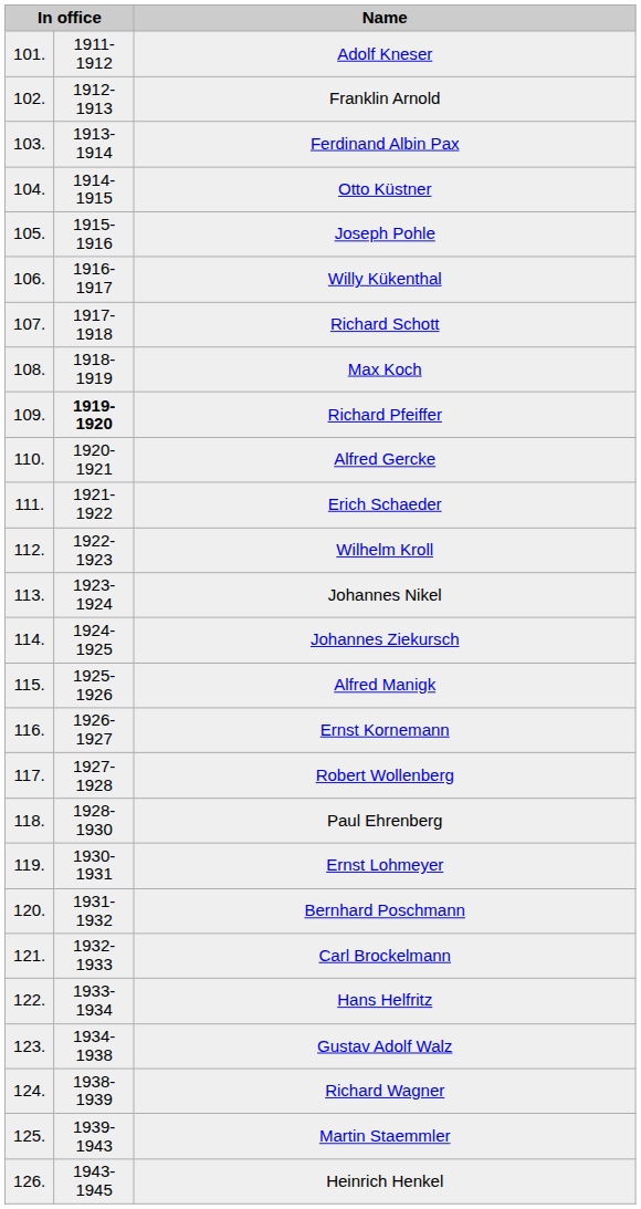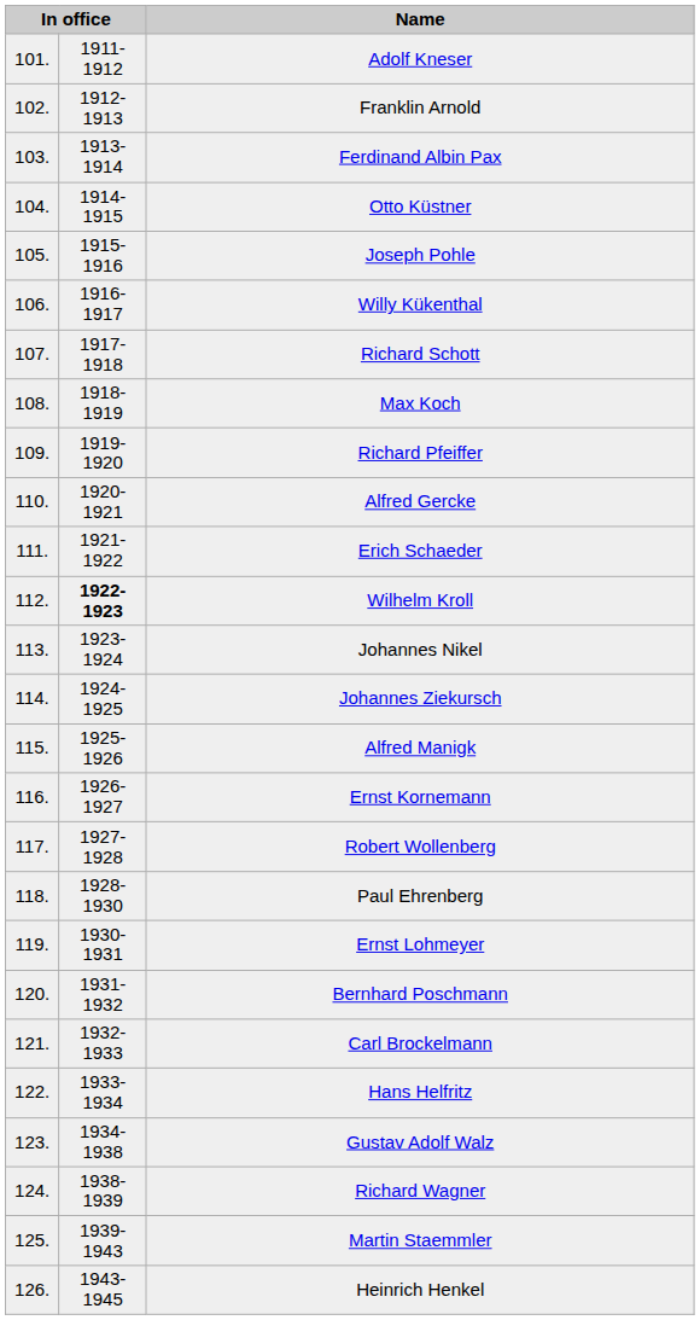 <table class="wikitable" width="">
 <tr align="center" bgcolor="#CCCCCC">
 <td colspan="2" width="14%"><strong>In office</strong></td>
 <td width="60%"><strong>Name</strong></td>
 </tr>
 <tr bgcolor="#EFEFEF">
 <td align=center>101.</td>
 <td align=center>1911-1912</td>
 <td align=center><a href='#'>Adolf Kneser</a></td>
 </tr>
 <tr bgcolor="#EFEFEF">
 <td align=center>102.</td>
 <td align=center>1912-1913</td>
 <td align=center>Franklin Arnold</td>
 </tr>
 <tr bgcolor="#EFEFEF">
 <td align=center>103.</td>
 <td align=center>1913-1914</td>
 <td align=center><a href='#'>Ferdinand Albin Pax</a></td>
 </tr>
 <tr bgcolor="#EFEFEF">
 <td align=center>104.</td>
 <td align=center>1914-1915</td>
 <td align=center><a href='#'>Otto Küstner</a></td>
 </tr>
 <tr bgcolor="#EFEFEF">
 <td align=center>105.</td>
 <td align=center>1915-1916</td>
 <td align=center><a href='#'>Joseph Pohle</a></td>
 </tr>
 <tr bgcolor="#EFEFEF">
 <td align=center>106.</td>
 <td align=center>1916-1917</td>
 <td align=center><a href='#'>Willy Kükenthal</a></td>
 </tr>
 <tr bgcolor="#EFEFEF">
 <td align=center>107.</td>
 <td align=center>1917-1918</td>
 <td align=center><a href='#'>Richard Schott</a></td>
 </tr>
 <tr bgcolor="#EFEFEF">
 <td align=center>108.</td>
 <td align=center>1918-1919</td>
 <td align=center><a href='#'>Max Koch</a></td>
 </tr>
 <tr bgcolor="#EFEFEF">
 <td align=center>109.</td>
-<td align=center><strong>1919-1920</strong></td>
+<td align=center>1919-1920</td>
 <td align=center><a href='#'>Richard Pfeiffer</a></td>
 </tr>
 <tr bgcolor="#EFEFEF">
 <td align=center>110.</td>
 <td align=center>1920-1921</td>
 <td align=center><a href='#'>Alfred Gercke</a></td>
 </tr>
 <tr bgcolor="#EFEFEF">
 <td align=center>111.</td>
 <td align=center>1921-1922</td>
 <td align=center><a href='#'>Erich Schaeder</a></td>
 </tr>
 <tr bgcolor="#EFEFEF">
 <td align=center>112.</td>
-<td align=center>1922-1923</td>
+<td align=center><strong>1922-1923</strong></td>
 <td align=center><a href='#'>Wilhelm Kroll</a></td>
 </tr>
 <tr bgcolor="#EFEFEF">
 <td align=center>113.</td>
 <td align=center>1923-1924</td>
 <td align=center>Johannes Nikel</td>
 </tr>
 <tr bgcolor="#EFEFEF">
 <td align=center>114.</td>
 <td align=center>1924-1925</td>
 <td align=center><a href='#'>Johannes Ziekursch</a></td>
 </tr>
 <tr bgcolor="#EFEFEF">
 <td align=center>115.</td>
 <td align=center>1925-1926</td>
 <td align=center><a href='#'>Alfred Manigk</a></td>
 </tr>
 <tr bgcolor="#EFEFEF">
 <td align=center>116.</td>
 <td align=center>1926-1927</td>
 <td align=center><a href='#'>Ernst Kornemann</a></td>
 </tr>
 <tr bgcolor="#EFEFEF">
 <td align=center>117.</td>
 <td align=center>1927-1928</td>
 <td align=center><a href='#'>Robert Wollenberg</a></td>
 </tr>
 <tr bgcolor="#EFEFEF">
 <td align=center>118.</td>
 <td align=center>1928-1930</td>
 <td align=center>Paul Ehrenberg</td>
 </tr>
 <tr bgcolor="#EFEFEF">
 <td align=center>119.</td>
 <td align=center>1930-1931</td>
 <td align=center><a href='#'>Ernst Lohmeyer</a></td>
 </tr>
 <tr bgcolor="#EFEFEF">
 <td align=center>120.</td>
 <td align=center>1931-1932</td>
 <td align=center><a href='#'>Bernhard Poschmann</a></td>
 </tr>
 <tr bgcolor="#EFEFEF">
 <td align=center>121.</td>
 <td align=center>1932-1933</td>
 <td align=center><a href='#'>Carl Brockelmann</a></td>
 </tr>
 <tr bgcolor="#EFEFEF">
 <td align=center>122.</td>
 <td align=center>1933-1934</td>
 <td align=center><a href='#'>Hans Helfritz</a></td>
 </tr>
 <tr bgcolor="#EFEFEF">
 <td align=center>123.</td>
 <td align=center>1934-1938</td>
 <td align=center><a href='#'>Gustav Adolf Walz</a></td>
 </tr>
 <tr bgcolor="#EFEFEF">
 <td align=center>124.</td>
 <td align=center>1938-1939</td>
 <td align=center><a href='#'>Richard Wagner</a></td>
 </tr>
 <tr bgcolor="#EFEFEF">
 <td align=center>125.</td>
 <td align=center>1939-1943</td>
 <td align=center><a href='#'>Martin Staemmler</a></td>
 </tr>
 <tr bgcolor="#EFEFEF">
 <td align=center>126.</td>
 <td align=center>1943-1945</td>
 <td align=center>Heinrich Henkel</td>
 </tr>
 </table>
